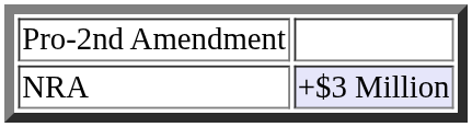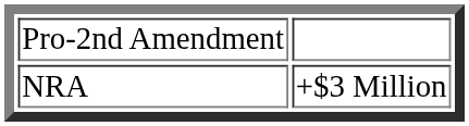 <table border="5">
 <tr ---->
 <td>Pro-2nd Amendment</td>
 <td></td>
 </tr>
 <tr ---->
 <td>NRA</td>
-<td style="background: lavender;">+$3 Million</td>
+<td>+$3 Million</td>
 </tr>
 </table>
